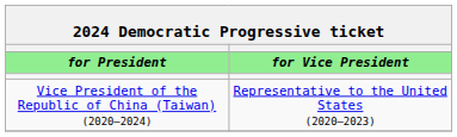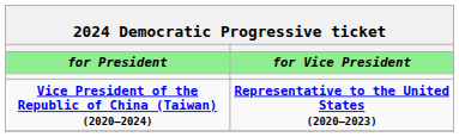 <table class="wikitable" style="font-size:90%; text-align:center;">
 <tr>
 <td colspan="28" style="background:#f1f1f1;"><br><big><strong>2024 Democratic Progressive ticket</strong></big></td>
 </tr>
 <tr>
 <th style="width:3em; font-size:135%; background:"></th>
 <th style="width:3em; font-size:135%; background:"></th>
 </tr>
 <tr style="color:#000; font-size:100%; background:lightgreen;">
 <td style="width:3em; width:200px;"><strong><em>for President</em></strong></td>
 <td style="width:3em; width:200px;"><strong><em>for Vice President</em></strong></td>
 </tr>
 <tr>
 <td></td>
 <td></td>
 </tr>
 <tr>
-<td><a href='#'>Vice President of the Republic of China (Taiwan)</a><br><small>(2020–2024)</small></td>
-<td><a href='#'>Representative to the United States</a><br><small>(2020–2023)</small></td>
+<td><strong><a href='#'>Vice President of the Republic of China (Taiwan)</a><br><small>(2020–2024)</small></strong></td>
+<td><strong><a href='#'>Representative to the United States</a><br><small>(2020–2023)</small></strong></td>
 </tr>
 <tr>
 </tr>
 </table>
